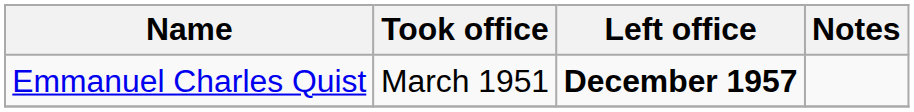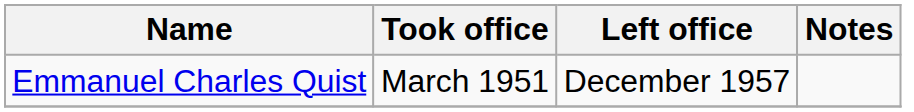 <table class="wikitable">
 <tr>
 <th>Name</th>
 <th>Took office</th>
 <th>Left office</th>
 <th>Notes</th>
 </tr>
 <tr>
 <td><a href='#'>Emmanuel Charles Quist</a></td>
 <td>March 1951</td>
-<td><strong>December 1957</strong></td>
+<td>December 1957</td>
 <td></td>
 </tr>
 <tr>
 </tr>
 </table>
